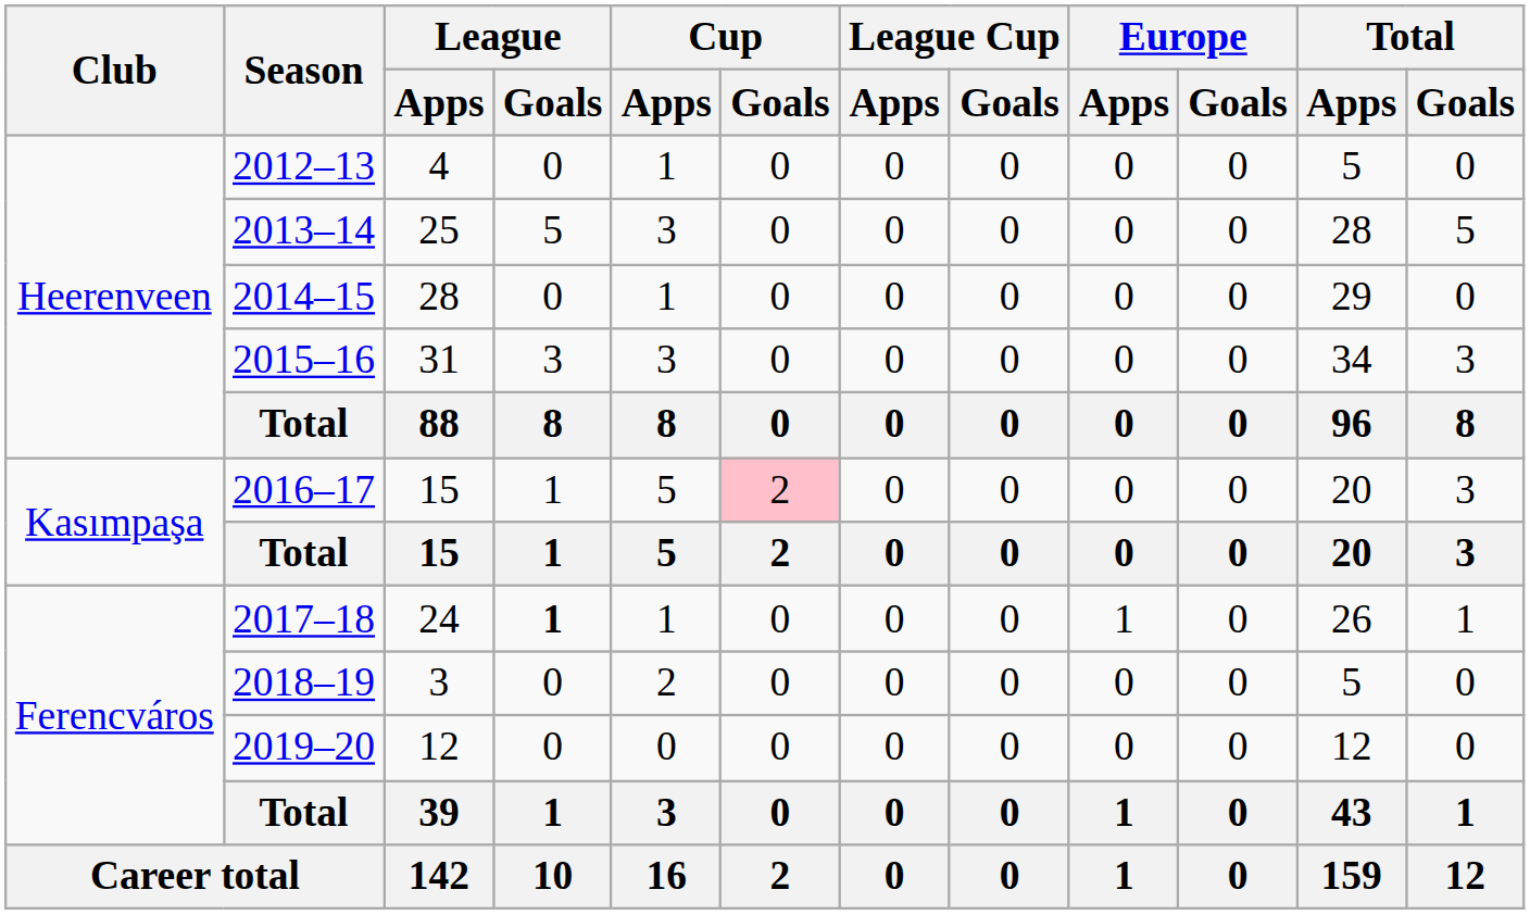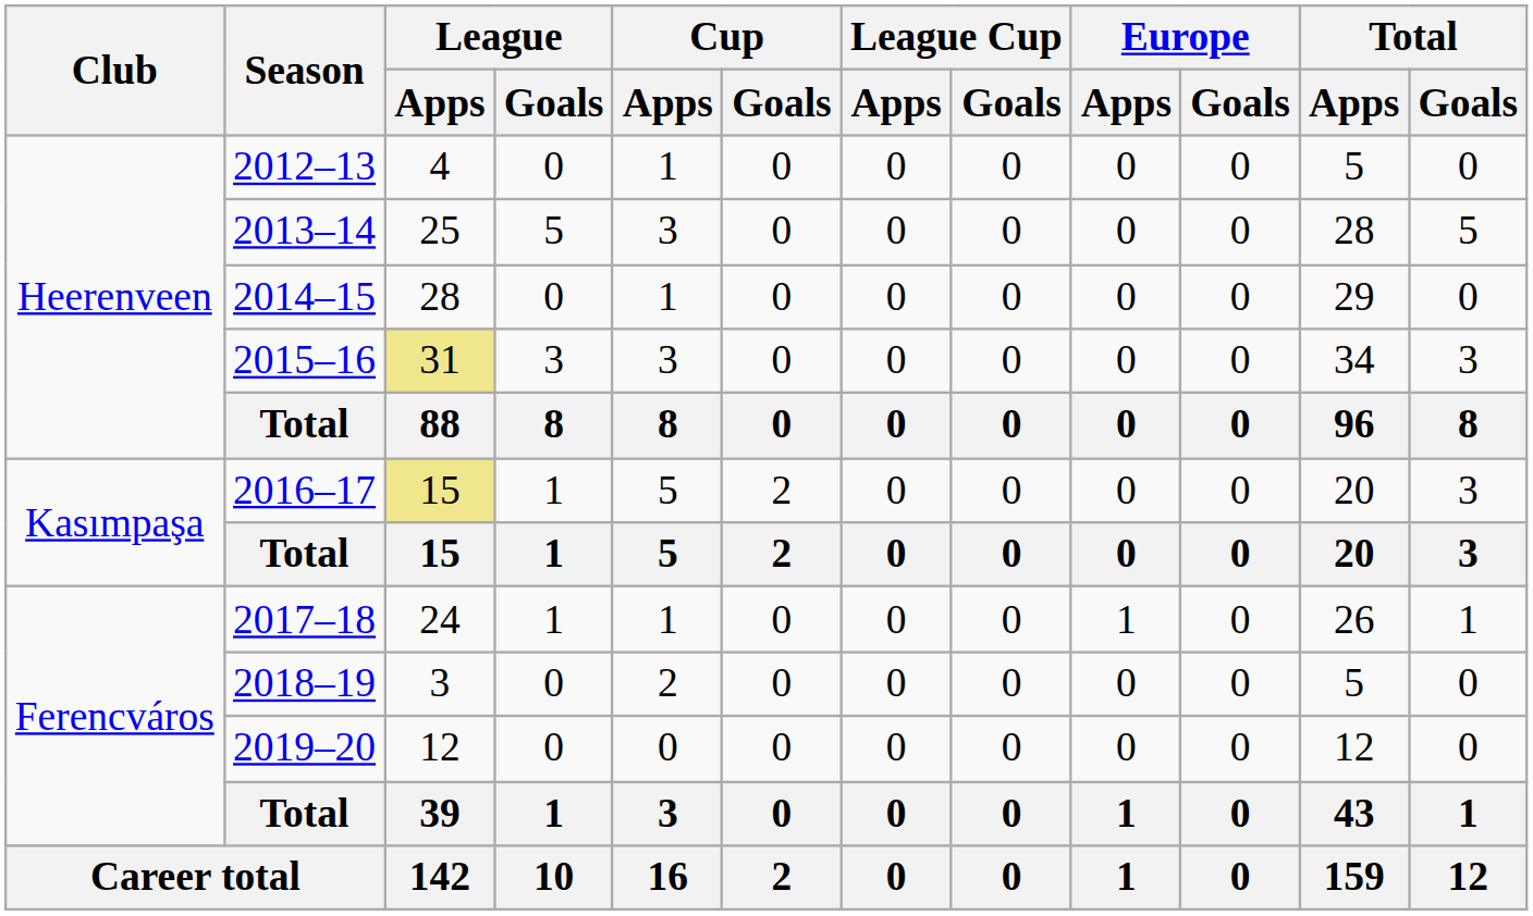 <table class="wikitable" style="text-align: center;">
 <tr>
 <th rowspan="2">Club</th>
 <th rowspan="2">Season</th>
 <th colspan="2">League</th>
 <th colspan="2">Cup</th>
 <th colspan="2">League Cup</th>
 <th colspan="2"><a href='#'>Europe</a></th>
 <th colspan="2">Total</th>
 </tr>
 <tr>
 <th>Apps</th>
 <th>Goals</th>
 <th>Apps</th>
 <th>Goals</th>
 <th>Apps</th>
 <th>Goals</th>
 <th>Apps</th>
 <th>Goals</th>
 <th>Apps</th>
 <th>Goals</th>
 </tr>
 <tr>
 <td rowspan="5"><a href='#'>Heerenveen</a></td>
 <td><a href='#'>2012–13</a></td>
 <td>4</td>
 <td>0</td>
 <td>1</td>
 <td>0</td>
 <td>0</td>
 <td>0</td>
 <td>0</td>
 <td>0</td>
 <td>5</td>
 <td>0</td>
 </tr>
 <tr>
 <td><a href='#'>2013–14</a></td>
 <td>25</td>
 <td>5</td>
 <td>3</td>
 <td>0</td>
 <td>0</td>
 <td>0</td>
 <td>0</td>
 <td>0</td>
 <td>28</td>
 <td>5</td>
 </tr>
 <tr>
 <td><a href='#'>2014–15</a></td>
 <td>28</td>
 <td>0</td>
 <td>1</td>
 <td>0</td>
 <td>0</td>
 <td>0</td>
 <td>0</td>
 <td>0</td>
 <td>29</td>
 <td>0</td>
 </tr>
 <tr>
 <td><a href='#'>2015–16</a></td>
-<td>31</td>
+<td style="background: khaki;">31</td>
 <td>3</td>
 <td>3</td>
 <td>0</td>
 <td>0</td>
 <td>0</td>
 <td>0</td>
 <td>0</td>
 <td>34</td>
 <td>3</td>
 </tr>
 <tr>
 <th>Total</th>
 <th>88</th>
 <th>8</th>
 <th>8</th>
 <th>0</th>
 <th>0</th>
 <th>0</th>
 <th>0</th>
 <th>0</th>
 <th>96</th>
 <th>8</th>
 </tr>
 <tr>
 <td rowspan="2"><a href='#'>Kasımpaşa</a></td>
 <td><a href='#'>2016–17</a></td>
-<td>15</td>
+<td style="background: khaki;">15</td>
 <td>1</td>
 <td>5</td>
-<td style="background: pink;">2</td>
+<td>2</td>
 <td>0</td>
 <td>0</td>
 <td>0</td>
 <td>0</td>
 <td>20</td>
 <td>3</td>
 </tr>
 <tr>
 <th>Total</th>
 <th>15</th>
 <th>1</th>
 <th>5</th>
 <th>2</th>
 <th>0</th>
 <th>0</th>
 <th>0</th>
 <th>0</th>
 <th>20</th>
 <th>3</th>
 </tr>
 <tr>
 <td rowspan="4"><a href='#'>Ferencváros</a></td>
 <td><a href='#'>2017–18</a></td>
 <td>24</td>
-<td><strong>1</strong></td>
+<td>1</td>
 <td>1</td>
 <td>0</td>
 <td>0</td>
 <td>0</td>
 <td>1</td>
 <td>0</td>
 <td>26</td>
 <td>1</td>
 </tr>
 <tr>
 <td><a href='#'>2018–19</a></td>
 <td>3</td>
 <td>0</td>
 <td>2</td>
 <td>0</td>
 <td>0</td>
 <td>0</td>
 <td>0</td>
 <td>0</td>
 <td>5</td>
 <td>0</td>
 </tr>
 <tr>
 <td><a href='#'>2019–20</a></td>
 <td>12</td>
 <td>0</td>
 <td>0</td>
 <td>0</td>
 <td>0</td>
 <td>0</td>
 <td>0</td>
 <td>0</td>
 <td>12</td>
 <td>0</td>
 </tr>
 <tr>
 <th>Total</th>
 <th>39</th>
 <th>1</th>
 <th>3</th>
 <th>0</th>
 <th>0</th>
 <th>0</th>
 <th>1</th>
 <th>0</th>
 <th>43</th>
 <th>1</th>
 </tr>
 <tr>
 <th colspan="2">Career total</th>
 <th>142</th>
 <th>10</th>
 <th>16</th>
 <th>2</th>
 <th>0</th>
 <th>0</th>
 <th>1</th>
 <th>0</th>
 <th>159</th>
 <th>12</th>
 </tr>
 </table>
